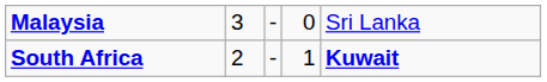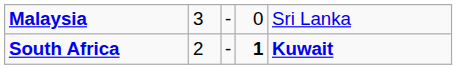 <table class="wikitable">
 <tr>
 <td width=150> <strong><a href='#'>Malaysia</a></strong></td>
 <td style="width:20px; text-align:left;">3</td>
 <td>-</td>
 <td style="width:20px; text-align:right;">0</td>
 <td width=150> <a href='#'>Sri Lanka</a></td>
 </tr>
 <tr>
 <td> <strong><a href='#'>South Africa</a></strong></td>
 <td style="text-align:left;">2</td>
 <td>-</td>
-<td style="text-align:right;">1</td>
+<td style="text-align:right;"><strong>1</strong></td>
 <td><strong> <a href='#'>Kuwait</a></strong></td>
 </tr>
 </table>
